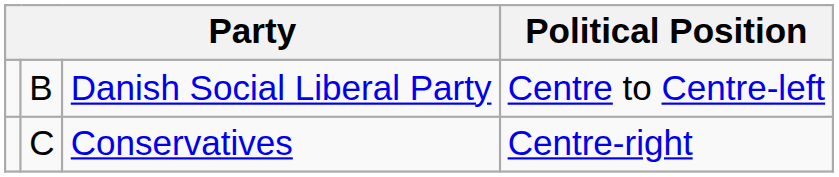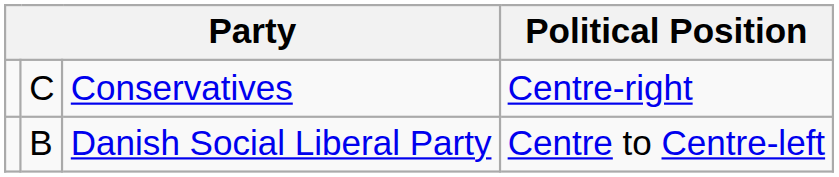 <table class="wikitable mw-collapsible mw-collapsed">
 <tr>
 <th colspan="3">Party</th>
 <th>Political Position</th>
 </tr>
 <tr>
 <td></td>
+<td>C</td>
+<td><a href='#'>Conservatives</a></td>
+<td><a href='#'>Centre-right</a></td>
+</tr>
+<tr>
+<td></td>
 <td>B</td>
 <td><a href='#'>Danish Social Liberal Party</a></td>
 <td><a href='#'>Centre</a> to <a href='#'>Centre-left</a></td>
 </tr>
-<tr>
-<td></td>
-<td>C</td>
-<td><a href='#'>Conservatives</a></td>
-<td><a href='#'>Centre-right</a></td>
-</tr>
 </table>
